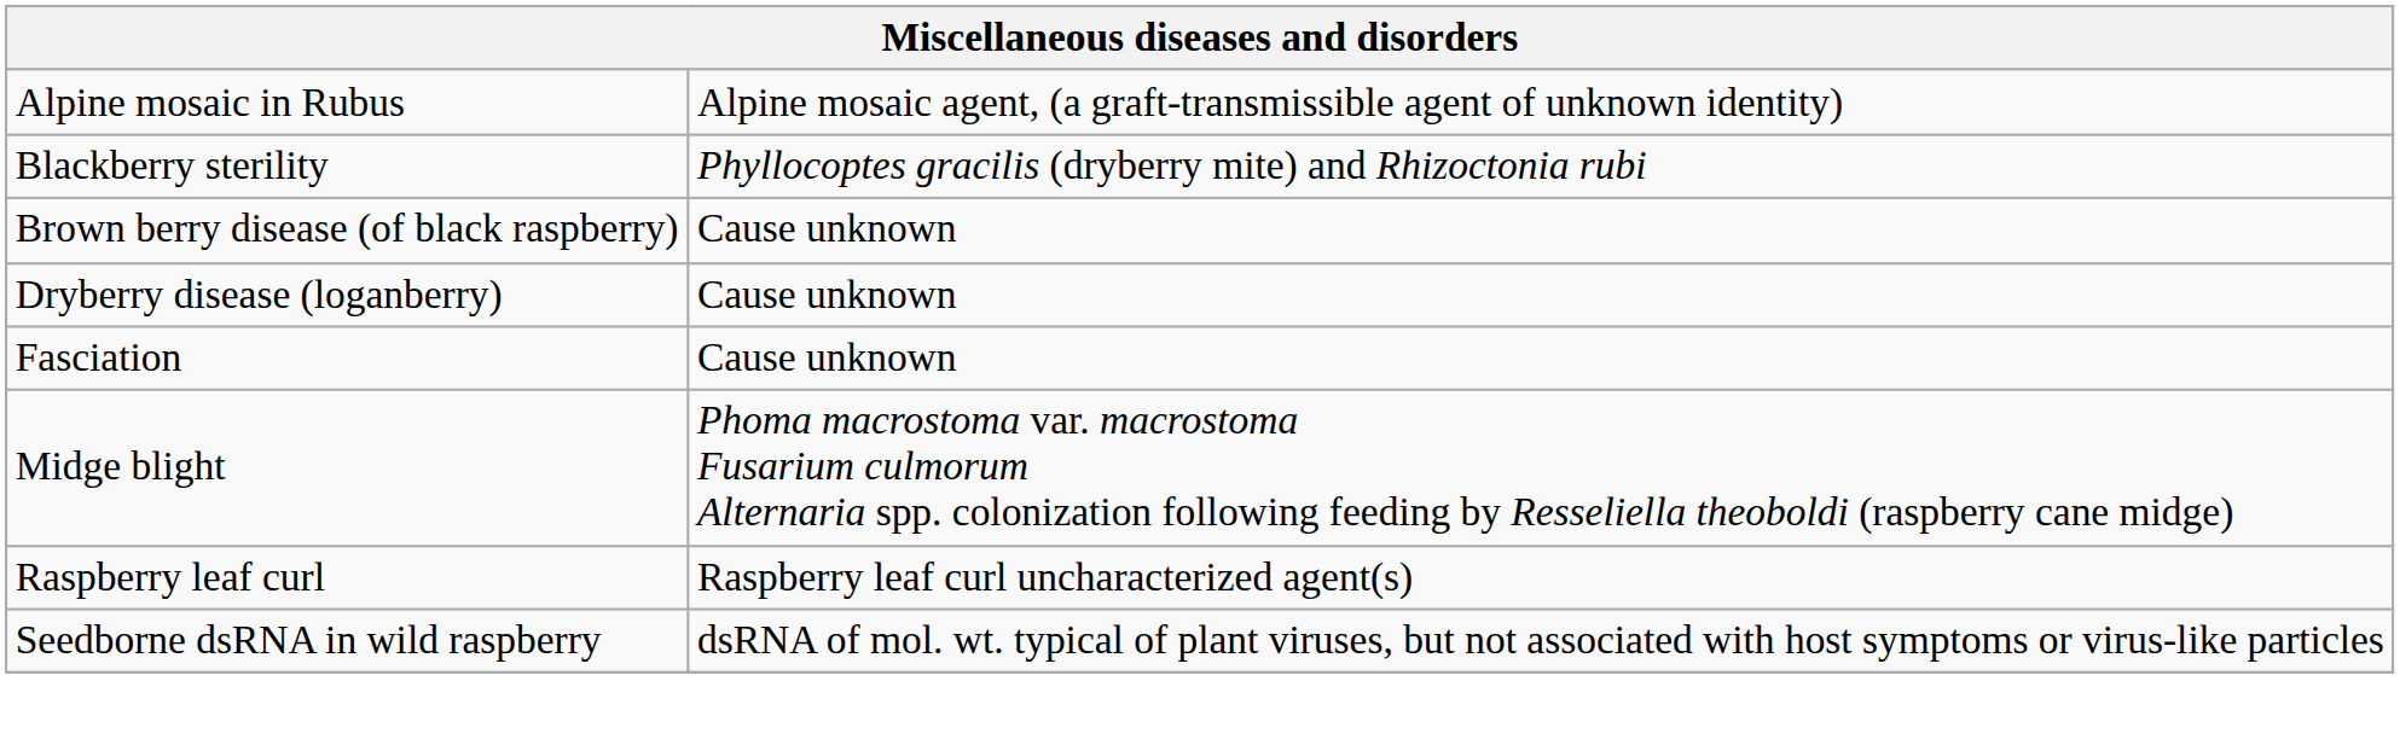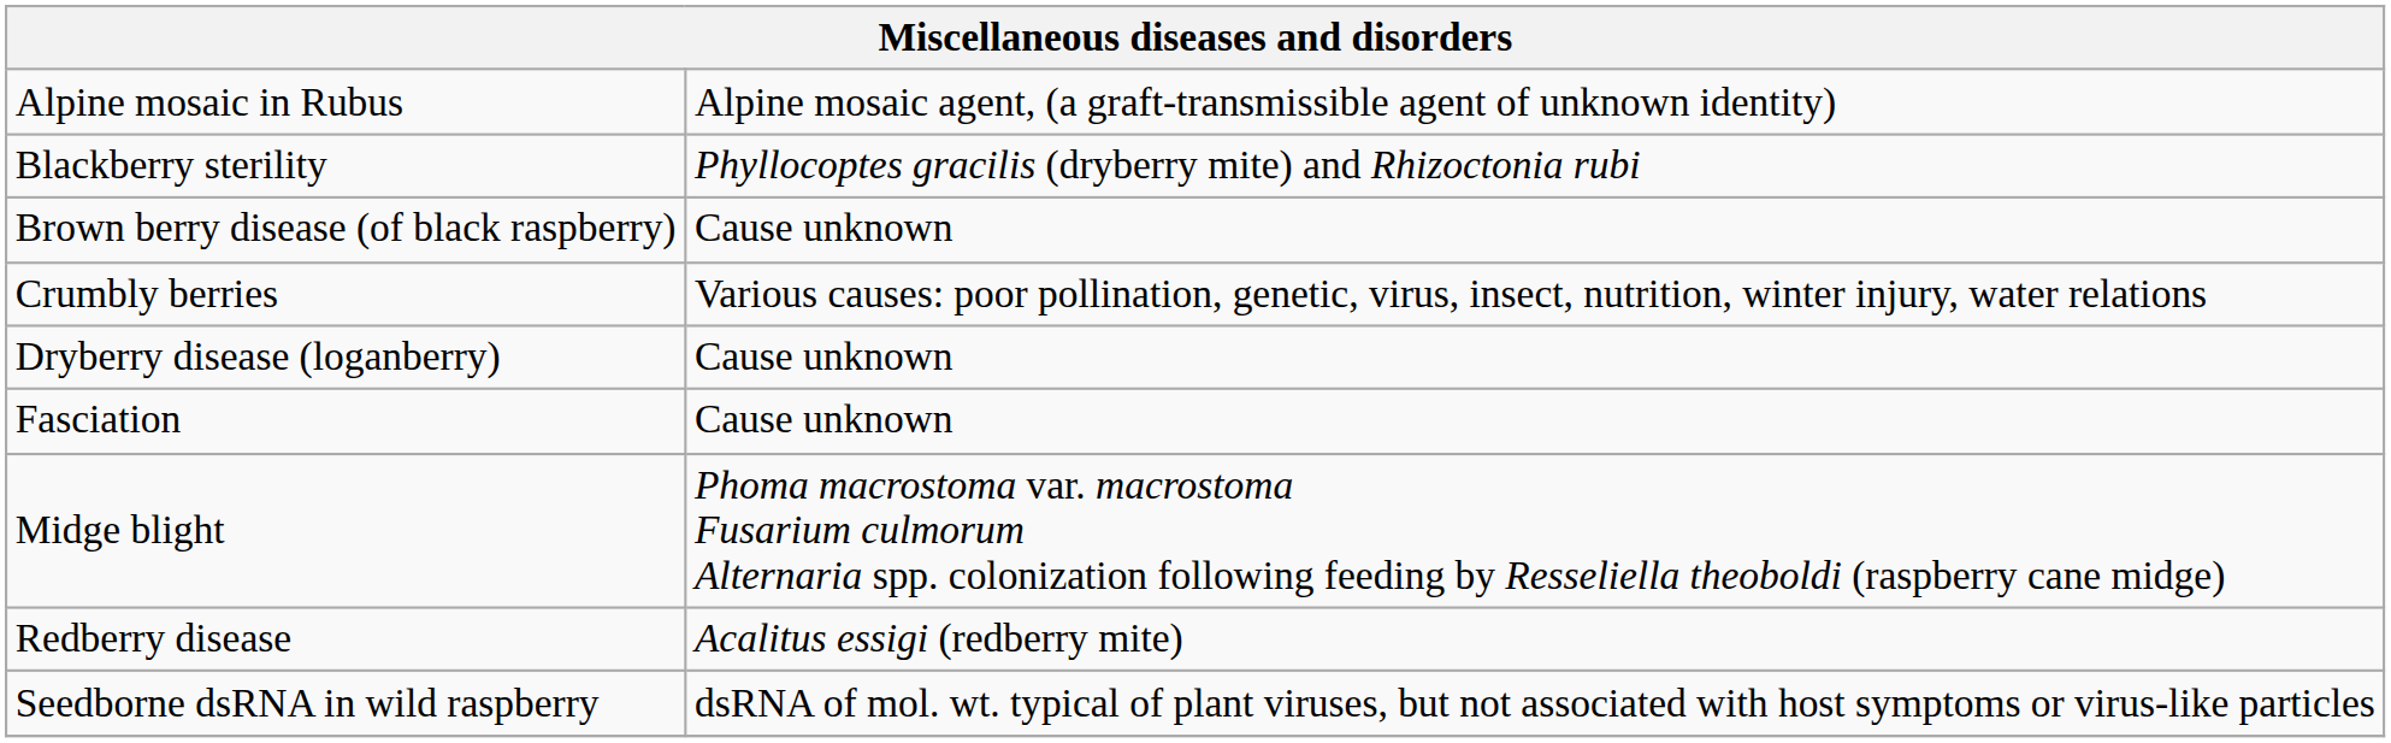 <table class="wikitable" style="clear">
 <tr>
 <th colspan=2><strong>Miscellaneous diseases and disorders</strong><br></th>
 </tr>
 <tr>
 <td>Alpine mosaic in Rubus</td>
 <td>Alpine mosaic agent, (a graft-transmissible agent of unknown identity)</td>
 </tr>
 <tr>
 <td>Blackberry sterility</td>
 <td><em>Phyllocoptes gracilis</em> (dryberry mite) and <em>Rhizoctonia rubi</em></td>
 </tr>
 <tr>
 <td>Brown berry disease (of black raspberry)</td>
 <td>Cause unknown</td>
 </tr>
 <tr>
+<td>Crumbly berries</td>
+<td>Various causes: poor pollination, genetic, virus, insect, nutrition, winter injury, water relations</td>
+</tr>
+<tr>
 <td>Dryberry disease (loganberry)</td>
 <td>Cause unknown</td>
 </tr>
 <tr>
 <td>Fasciation</td>
 <td>Cause unknown</td>
 </tr>
 <tr>
 <td>Midge blight</td>
 <td><em>Phoma macrostoma</em> var. <em>macrostoma</em><br><em>Fusarium culmorum</em><br> <em>Alternaria</em> spp. colonization following feeding by <em>Resseliella theoboldi</em> (raspberry cane midge)</td>
 </tr>
 <tr>
-<td>Raspberry leaf curl</td>
-<td>Raspberry leaf curl uncharacterized agent(s)</td>
+<td>Redberry disease</td>
+<td><em>Acalitus essigi</em> (redberry mite)</td>
 </tr>
 <tr>
 <td>Seedborne dsRNA in wild raspberry</td>
 <td>dsRNA of mol. wt. typical of plant viruses, but not associated with host symptoms or virus-like particles</td>
 </tr>
 <tr>
 </tr>
 </table>
